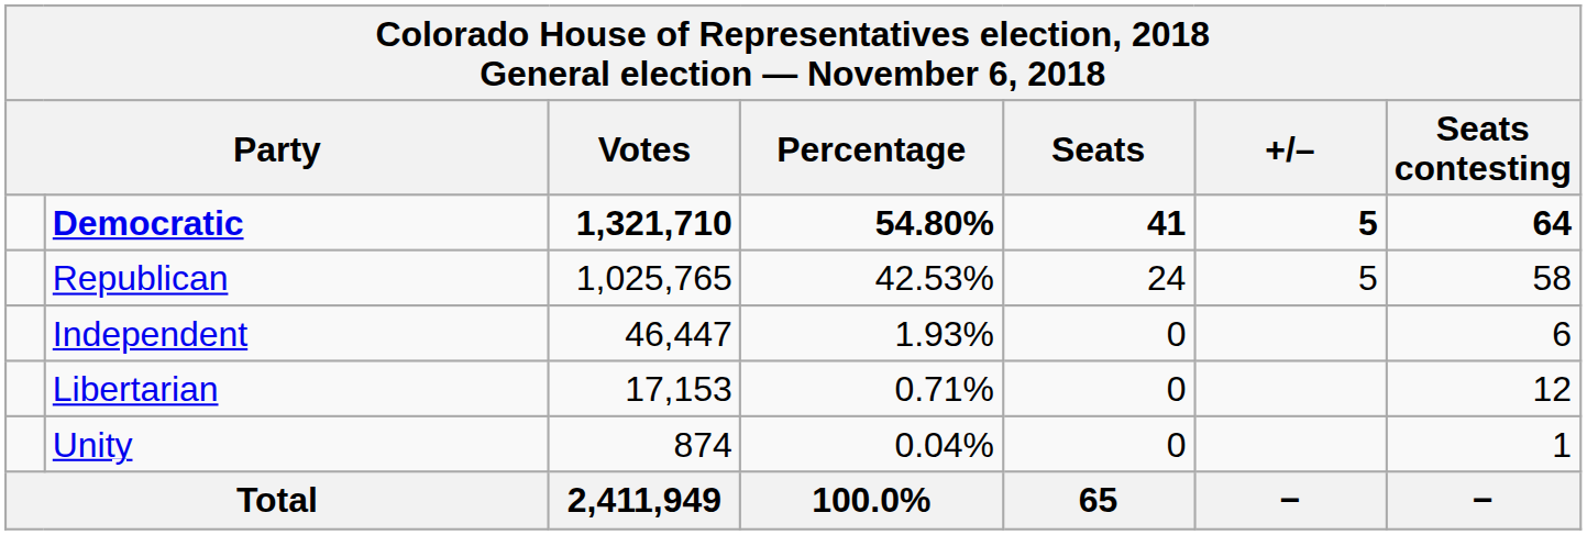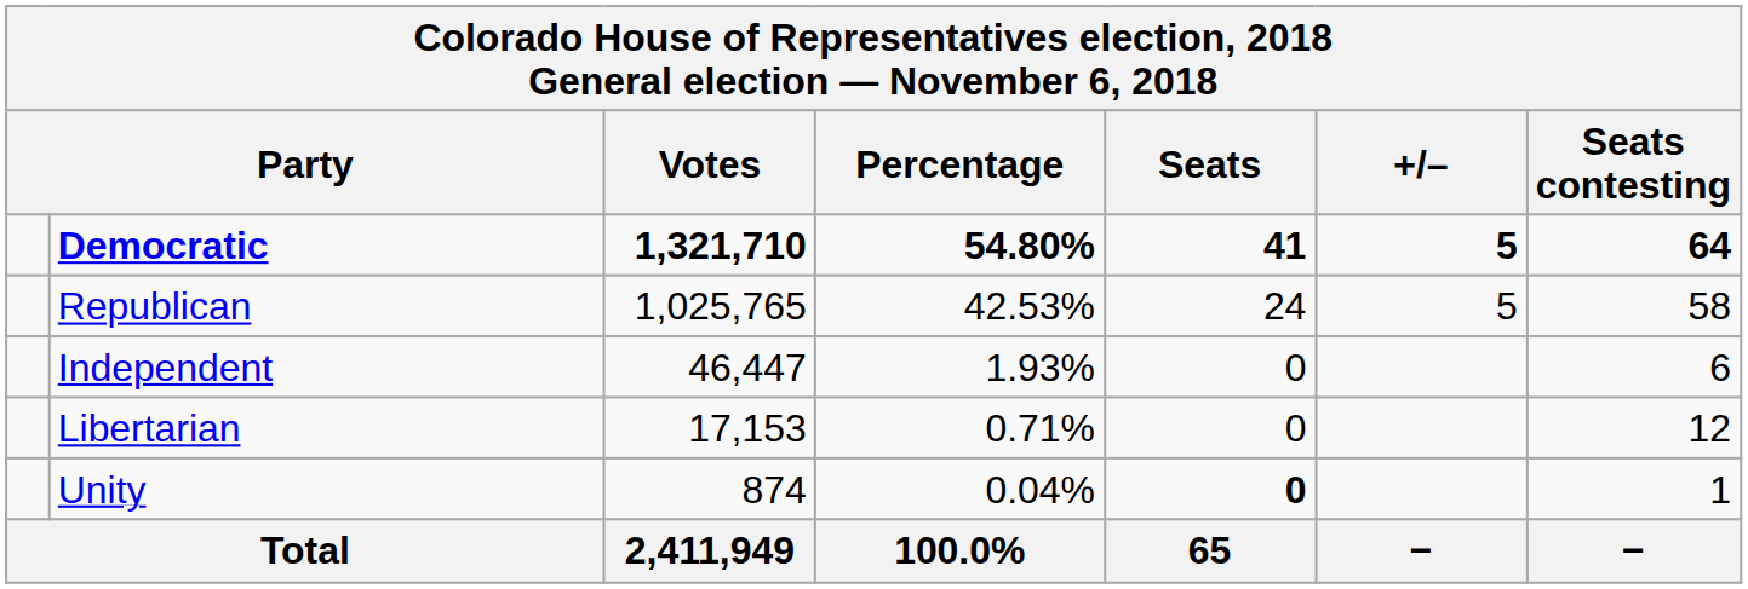 <table class="wikitable" style="font-size:95%;">
 <tr>
 <th colspan="7">Colorado House of Representatives election, 2018<br>General election — November 6, 2018</th>
 </tr>
 <tr>
 <th colspan=2 style="width: 15em">Party</th>
 <th style="width: 5em">Votes</th>
 <th style="width: 7em">Percentage</th>
 <th style="width: 5em">Seats</th>
 <th style="width: 5em">+/–</th>
 <th>Seats<br>contesting</th>
 </tr>
 <tr>
 <td style="background:"></td>
 <td><strong><a href='#'>Democratic</a></strong></td>
 <td align="right"><strong>1,321,710</strong></td>
 <td align="right"><strong>54.80%</strong></td>
 <td align="right"><strong>41</strong></td>
 <td align="right"><strong>5</strong></td>
 <td align="right"><strong>64</strong></td>
 </tr>
 <tr>
 <td style="background:"></td>
 <td><a href='#'>Republican</a></td>
 <td align="right">1,025,765</td>
 <td align="right">42.53%</td>
 <td align="right">24</td>
 <td align="right">5</td>
 <td align="right">58</td>
 </tr>
 <tr>
 <td style="background:"></td>
 <td><a href='#'>Independent</a></td>
 <td align="right">46,447</td>
 <td align="right">1.93%</td>
 <td align="right">0</td>
 <td align="right"></td>
 <td align="right">6</td>
 </tr>
 <tr>
 <td style="background:"></td>
 <td><a href='#'>Libertarian</a></td>
 <td align="right">17,153</td>
 <td align="right">0.71%</td>
 <td align="right">0</td>
 <td align="right"></td>
 <td align="right">12</td>
 </tr>
 <tr>
 <td style="background:"></td>
 <td><a href='#'>Unity</a></td>
 <td align="right">874</td>
 <td align="right">0.04%</td>
-<td align="right">0</td>
+<td align="right"><strong>0</strong></td>
 <td align="right"></td>
 <td align="right">1</td>
 </tr>
 <tr>
 <th colspan="2" align="right">Total</th>
 <th align="right">2,411,949</th>
 <th align="right">100.0%</th>
 <th align="right">65</th>
 <th align="right">−</th>
 <th align="right">−</th>
 </tr>
 </table>
